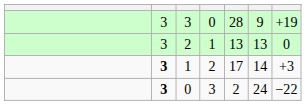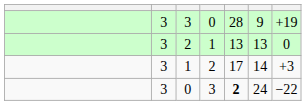 <table class=wikitable style=text-align:center>
 <tr>
 <th width=160></th>
 <th width=20></th>
 <th width=20></th>
 <th width=20></th>
 <th width=20></th>
 <th width=20></th>
 <th width=20></th>
 </tr>
 <tr style="background-color:#ccffcc">
 <td style="text-align:left;"></td>
 <td>3</td>
 <td>3</td>
 <td>0</td>
 <td>28</td>
 <td>9</td>
 <td>+19</td>
 </tr>
 <tr style="background-color:#ccffcc">
 <td style="text-align:left;"></td>
 <td>3</td>
 <td>2</td>
 <td>1</td>
 <td>13</td>
 <td>13</td>
 <td>0</td>
 </tr>
 <tr>
 <td style="text-align:left;"></td>
-<td><strong>3</strong></td>
+<td>3</td>
 <td>1</td>
 <td>2</td>
 <td>17</td>
 <td>14</td>
 <td>+3</td>
 </tr>
 <tr>
 <td style="text-align:left;"></td>
-<td><strong>3</strong></td>
+<td>3</td>
 <td>0</td>
 <td>3</td>
-<td>2</td>
+<td><strong>2</strong></td>
 <td>24</td>
 <td>−22</td>
 </tr>
 </table>
